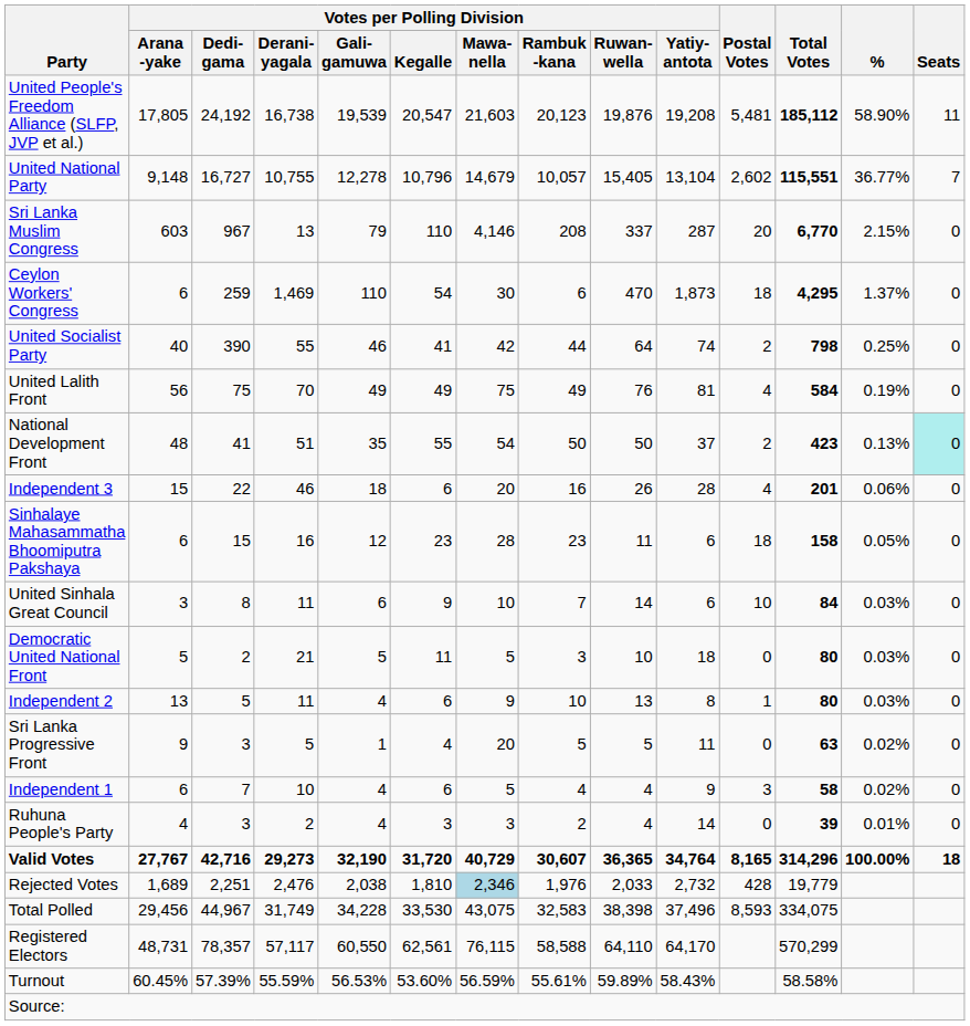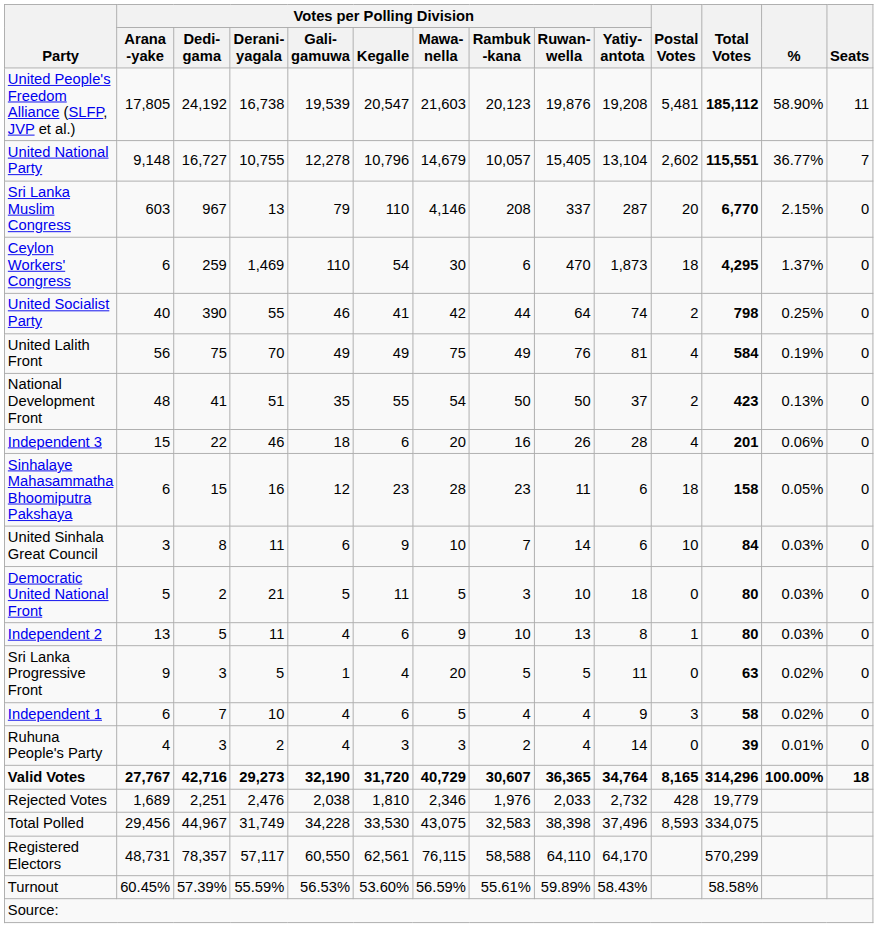 <table class="wikitable" border="1" style="text-align:right;">
 <tr>
 <th align=left valign=bottom rowspan=2 width="180">Party</th>
 <th colspan=9>Votes per Polling Division</th>
 <th align=center valign=bottom rowspan=2 width="50">Postal<br>Votes</th>
 <th align=center valign=bottom rowspan=2 width="50">Total Votes</th>
 <th align=center valign=bottom rowspan=2 width="50">%</th>
 <th align=center valign=bottom rowspan=2 width="40">Seats</th>
 </tr>
 <tr>
 <th align=center valign=bottom width="50">Arana<br>-yake</th>
 <th align=center valign=bottom width="50">Dedi-<br>gama</th>
 <th align=center valign=bottom width="50">Derani-<br>yagala</th>
 <th align=center valign=bottom width="50">Gali-<br>gamuwa</th>
 <th align=center valign=bottom width="50">Kegalle</th>
 <th align=center valign=bottom width="50">Mawa-<br>nella</th>
 <th align=center valign=bottom width="50">Rambuk<br>-kana</th>
 <th align=center valign=bottom width="50">Ruwan-<br>wella</th>
 <th align=center valign=bottom width="50">Yatiy-<br>antota</th>
 </tr>
 <tr>
 <td align=left><a href='#'>United People's Freedom Alliance</a> (<a href='#'>SLFP</a>, <a href='#'>JVP</a> et al.)</td>
 <td>17,805</td>
 <td>24,192</td>
 <td>16,738</td>
 <td>19,539</td>
 <td>20,547</td>
 <td>21,603</td>
 <td>20,123</td>
 <td>19,876</td>
 <td>19,208</td>
 <td>5,481</td>
 <td><strong>185,112</strong></td>
 <td>58.90%</td>
 <td>11</td>
 </tr>
 <tr>
 <td align=left><a href='#'>United National Party</a></td>
 <td>9,148</td>
 <td>16,727</td>
 <td>10,755</td>
 <td>12,278</td>
 <td>10,796</td>
 <td>14,679</td>
 <td>10,057</td>
 <td>15,405</td>
 <td>13,104</td>
 <td>2,602</td>
 <td><strong>115,551</strong></td>
 <td>36.77%</td>
 <td>7</td>
 </tr>
 <tr>
 <td align=left><a href='#'>Sri Lanka Muslim Congress</a></td>
 <td>603</td>
 <td>967</td>
 <td>13</td>
 <td>79</td>
 <td>110</td>
 <td>4,146</td>
 <td>208</td>
 <td>337</td>
 <td>287</td>
 <td>20</td>
 <td><strong>6,770</strong></td>
 <td>2.15%</td>
 <td>0</td>
 </tr>
 <tr>
 <td align=left><a href='#'>Ceylon Workers' Congress</a></td>
 <td>6</td>
 <td>259</td>
 <td>1,469</td>
 <td>110</td>
 <td>54</td>
 <td>30</td>
 <td>6</td>
 <td>470</td>
 <td>1,873</td>
 <td>18</td>
 <td><strong>4,295</strong></td>
 <td>1.37%</td>
 <td>0</td>
 </tr>
 <tr>
 <td align=left><a href='#'>United Socialist Party</a></td>
 <td>40</td>
 <td>390</td>
 <td>55</td>
 <td>46</td>
 <td>41</td>
 <td>42</td>
 <td>44</td>
 <td>64</td>
 <td>74</td>
 <td>2</td>
 <td><strong>798</strong></td>
 <td>0.25%</td>
 <td>0</td>
 </tr>
 <tr>
 <td align=left>United Lalith Front</td>
 <td>56</td>
 <td>75</td>
 <td>70</td>
 <td>49</td>
 <td>49</td>
 <td>75</td>
 <td>49</td>
 <td>76</td>
 <td>81</td>
 <td>4</td>
 <td><strong>584</strong></td>
 <td>0.19%</td>
 <td>0</td>
 </tr>
 <tr>
 <td align=left>National Development Front</td>
 <td>48</td>
 <td>41</td>
 <td>51</td>
 <td>35</td>
 <td>55</td>
 <td>54</td>
 <td>50</td>
 <td>50</td>
 <td>37</td>
 <td>2</td>
 <td><strong>423</strong></td>
 <td>0.13%</td>
-<td style="background: paleturquoise;">0</td>
+<td>0</td>
 </tr>
 <tr>
 <td align=left><a href='#'>Independent 3</a></td>
 <td>15</td>
 <td>22</td>
 <td>46</td>
 <td>18</td>
 <td>6</td>
 <td>20</td>
 <td>16</td>
 <td>26</td>
 <td>28</td>
 <td>4</td>
 <td><strong>201</strong></td>
 <td>0.06%</td>
 <td>0</td>
 </tr>
 <tr>
 <td align=left><a href='#'>Sinhalaye Mahasammatha Bhoomiputra Pakshaya</a></td>
 <td>6</td>
 <td>15</td>
 <td>16</td>
 <td>12</td>
 <td>23</td>
 <td>28</td>
 <td>23</td>
 <td>11</td>
 <td>6</td>
 <td>18</td>
 <td><strong>158</strong></td>
 <td>0.05%</td>
 <td>0</td>
 </tr>
 <tr>
 <td align=left>United Sinhala Great Council</td>
 <td>3</td>
 <td>8</td>
 <td>11</td>
 <td>6</td>
 <td>9</td>
 <td>10</td>
 <td>7</td>
 <td>14</td>
 <td>6</td>
 <td>10</td>
 <td><strong>84</strong></td>
 <td>0.03%</td>
 <td>0</td>
 </tr>
 <tr>
 <td align=left><a href='#'>Democratic United National Front</a></td>
 <td>5</td>
 <td>2</td>
 <td>21</td>
 <td>5</td>
 <td>11</td>
 <td>5</td>
 <td>3</td>
 <td>10</td>
 <td>18</td>
 <td>0</td>
 <td><strong>80</strong></td>
 <td>0.03%</td>
 <td>0</td>
 </tr>
 <tr>
 <td align=left><a href='#'>Independent 2</a></td>
 <td>13</td>
 <td>5</td>
 <td>11</td>
 <td>4</td>
 <td>6</td>
 <td>9</td>
 <td>10</td>
 <td>13</td>
 <td>8</td>
 <td>1</td>
 <td><strong>80</strong></td>
 <td>0.03%</td>
 <td>0</td>
 </tr>
 <tr>
 <td align=left>Sri Lanka Progressive Front</td>
 <td>9</td>
 <td>3</td>
 <td>5</td>
 <td>1</td>
 <td>4</td>
 <td>20</td>
 <td>5</td>
 <td>5</td>
 <td>11</td>
 <td>0</td>
 <td><strong>63</strong></td>
 <td>0.02%</td>
 <td>0</td>
 </tr>
 <tr>
 <td align=left><a href='#'>Independent 1</a></td>
 <td>6</td>
 <td>7</td>
 <td>10</td>
 <td>4</td>
 <td>6</td>
 <td>5</td>
 <td>4</td>
 <td>4</td>
 <td>9</td>
 <td>3</td>
 <td><strong>58</strong></td>
 <td>0.02%</td>
 <td>0</td>
 </tr>
 <tr>
 <td align=left>Ruhuna People's Party</td>
 <td>4</td>
 <td>3</td>
 <td>2</td>
 <td>4</td>
 <td>3</td>
 <td>3</td>
 <td>2</td>
 <td>4</td>
 <td>14</td>
 <td>0</td>
 <td><strong>39</strong></td>
 <td>0.01%</td>
 <td>0</td>
 </tr>
 <tr>
 <td align=left><strong>Valid Votes</strong></td>
 <td><strong>27,767</strong></td>
 <td><strong>42,716</strong></td>
 <td><strong>29,273</strong></td>
 <td><strong>32,190</strong></td>
 <td><strong>31,720</strong></td>
 <td><strong>40,729</strong></td>
 <td><strong>30,607</strong></td>
 <td><strong>36,365</strong></td>
 <td><strong>34,764</strong></td>
 <td><strong>8,165</strong></td>
 <td><strong>314,296</strong></td>
 <td><strong>100.00%</strong></td>
 <td><strong>18</strong></td>
 </tr>
 <tr>
 <td align=left>Rejected Votes</td>
 <td>1,689</td>
 <td>2,251</td>
 <td>2,476</td>
 <td>2,038</td>
 <td>1,810</td>
-<td style="background: lightblue;">2,346</td>
+<td>2,346</td>
 <td>1,976</td>
 <td>2,033</td>
 <td>2,732</td>
 <td>428</td>
 <td>19,779</td>
 <td></td>
 <td></td>
 </tr>
 <tr>
 <td align=left>Total Polled</td>
 <td>29,456</td>
 <td>44,967</td>
 <td>31,749</td>
 <td>34,228</td>
 <td>33,530</td>
 <td>43,075</td>
 <td>32,583</td>
 <td>38,398</td>
 <td>37,496</td>
 <td>8,593</td>
 <td>334,075</td>
 <td></td>
 <td></td>
 </tr>
 <tr>
 <td align=left>Registered Electors</td>
 <td>48,731</td>
 <td>78,357</td>
 <td>57,117</td>
 <td>60,550</td>
 <td>62,561</td>
 <td>76,115</td>
 <td>58,588</td>
 <td>64,110</td>
 <td>64,170</td>
 <td></td>
 <td>570,299</td>
 <td></td>
 <td></td>
 </tr>
 <tr>
 <td align=left>Turnout</td>
 <td>60.45%</td>
 <td>57.39%</td>
 <td>55.59%</td>
 <td>56.53%</td>
 <td>53.60%</td>
 <td>56.59%</td>
 <td>55.61%</td>
 <td>59.89%</td>
 <td>58.43%</td>
 <td></td>
 <td>58.58%</td>
 <td></td>
 <td></td>
 </tr>
 <tr>
 <td align=left colspan=15>Source:</td>
 </tr>
 </table>
